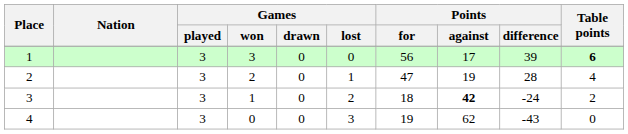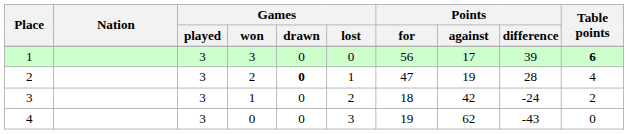 <table class="wikitable">
 <tr>
 <th rowspan=2 width="8%">Place</th>
 <th rowspan=2 width="20%">Nation</th>
 <th colspan=4 width="32%">Games</th>
 <th colspan=3 width="30%">Points</th>
 <th rowspan=2 width="10%">Table<br>points</th>
 </tr>
 <tr>
 <th width="8%">played</th>
 <th width="8%">won</th>
 <th width="8%">drawn</th>
 <th width="8%">lost</th>
 <th width="10%">for</th>
 <th width="10%">against</th>
 <th width="10%">difference</th>
 </tr>
 <tr>
 </tr>
 <tr bgcolor=#ccffcc align=center>
 <td>1</td>
 <td align=left></td>
 <td>3</td>
 <td>3</td>
 <td>0</td>
 <td>0</td>
 <td>56</td>
 <td>17</td>
 <td>39</td>
 <td><strong>6</strong></td>
 </tr>
 <tr bgcolor=#ffffff align=center>
 <td>2</td>
 <td align=left></td>
 <td>3</td>
 <td>2</td>
-<td>0</td>
+<td><strong>0</strong></td>
 <td>1</td>
 <td>47</td>
 <td>19</td>
 <td>28</td>
 <td>4</td>
 </tr>
 <tr bgcolor=#ffffff align=center>
 <td>3</td>
 <td align=left></td>
 <td>3</td>
 <td>1</td>
 <td>0</td>
 <td>2</td>
 <td>18</td>
-<td><strong>42</strong></td>
+<td>42</td>
 <td>-24</td>
 <td>2</td>
 </tr>
 <tr bgcolor=#ffffff align=center>
 <td>4</td>
 <td align=left></td>
 <td>3</td>
 <td>0</td>
 <td>0</td>
 <td>3</td>
 <td>19</td>
 <td>62</td>
 <td>-43</td>
 <td>0</td>
 </tr>
 </table>
